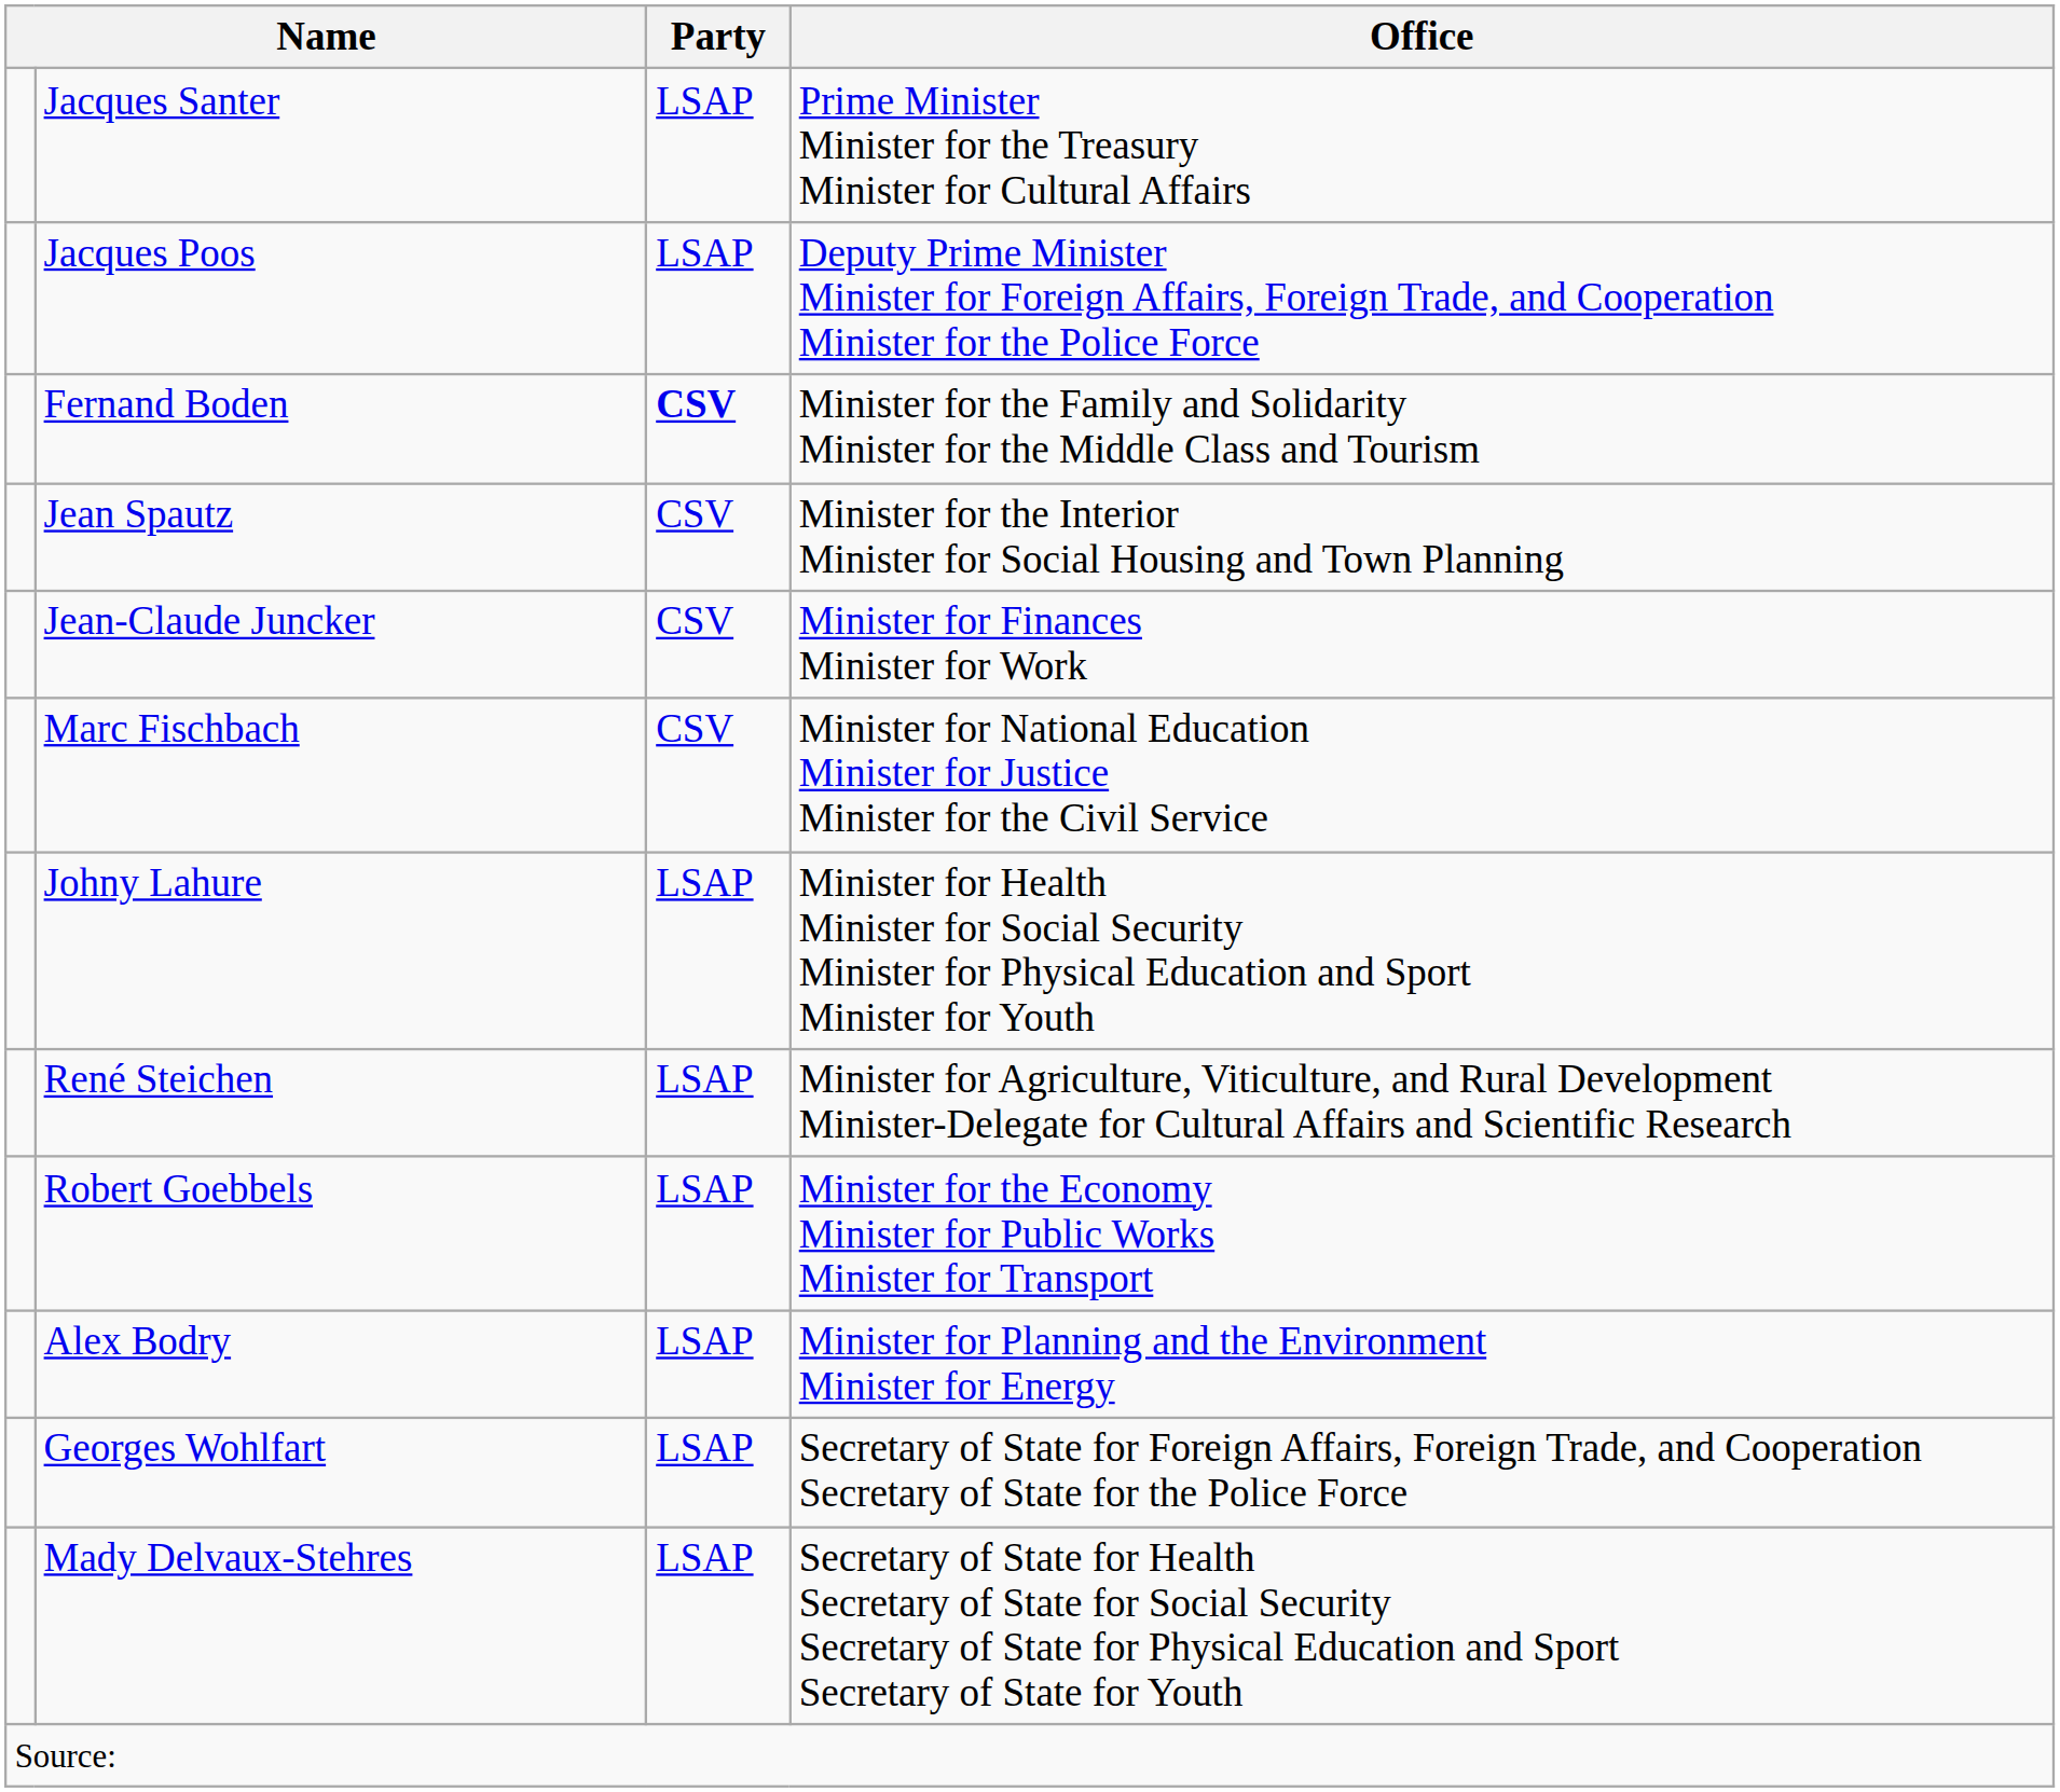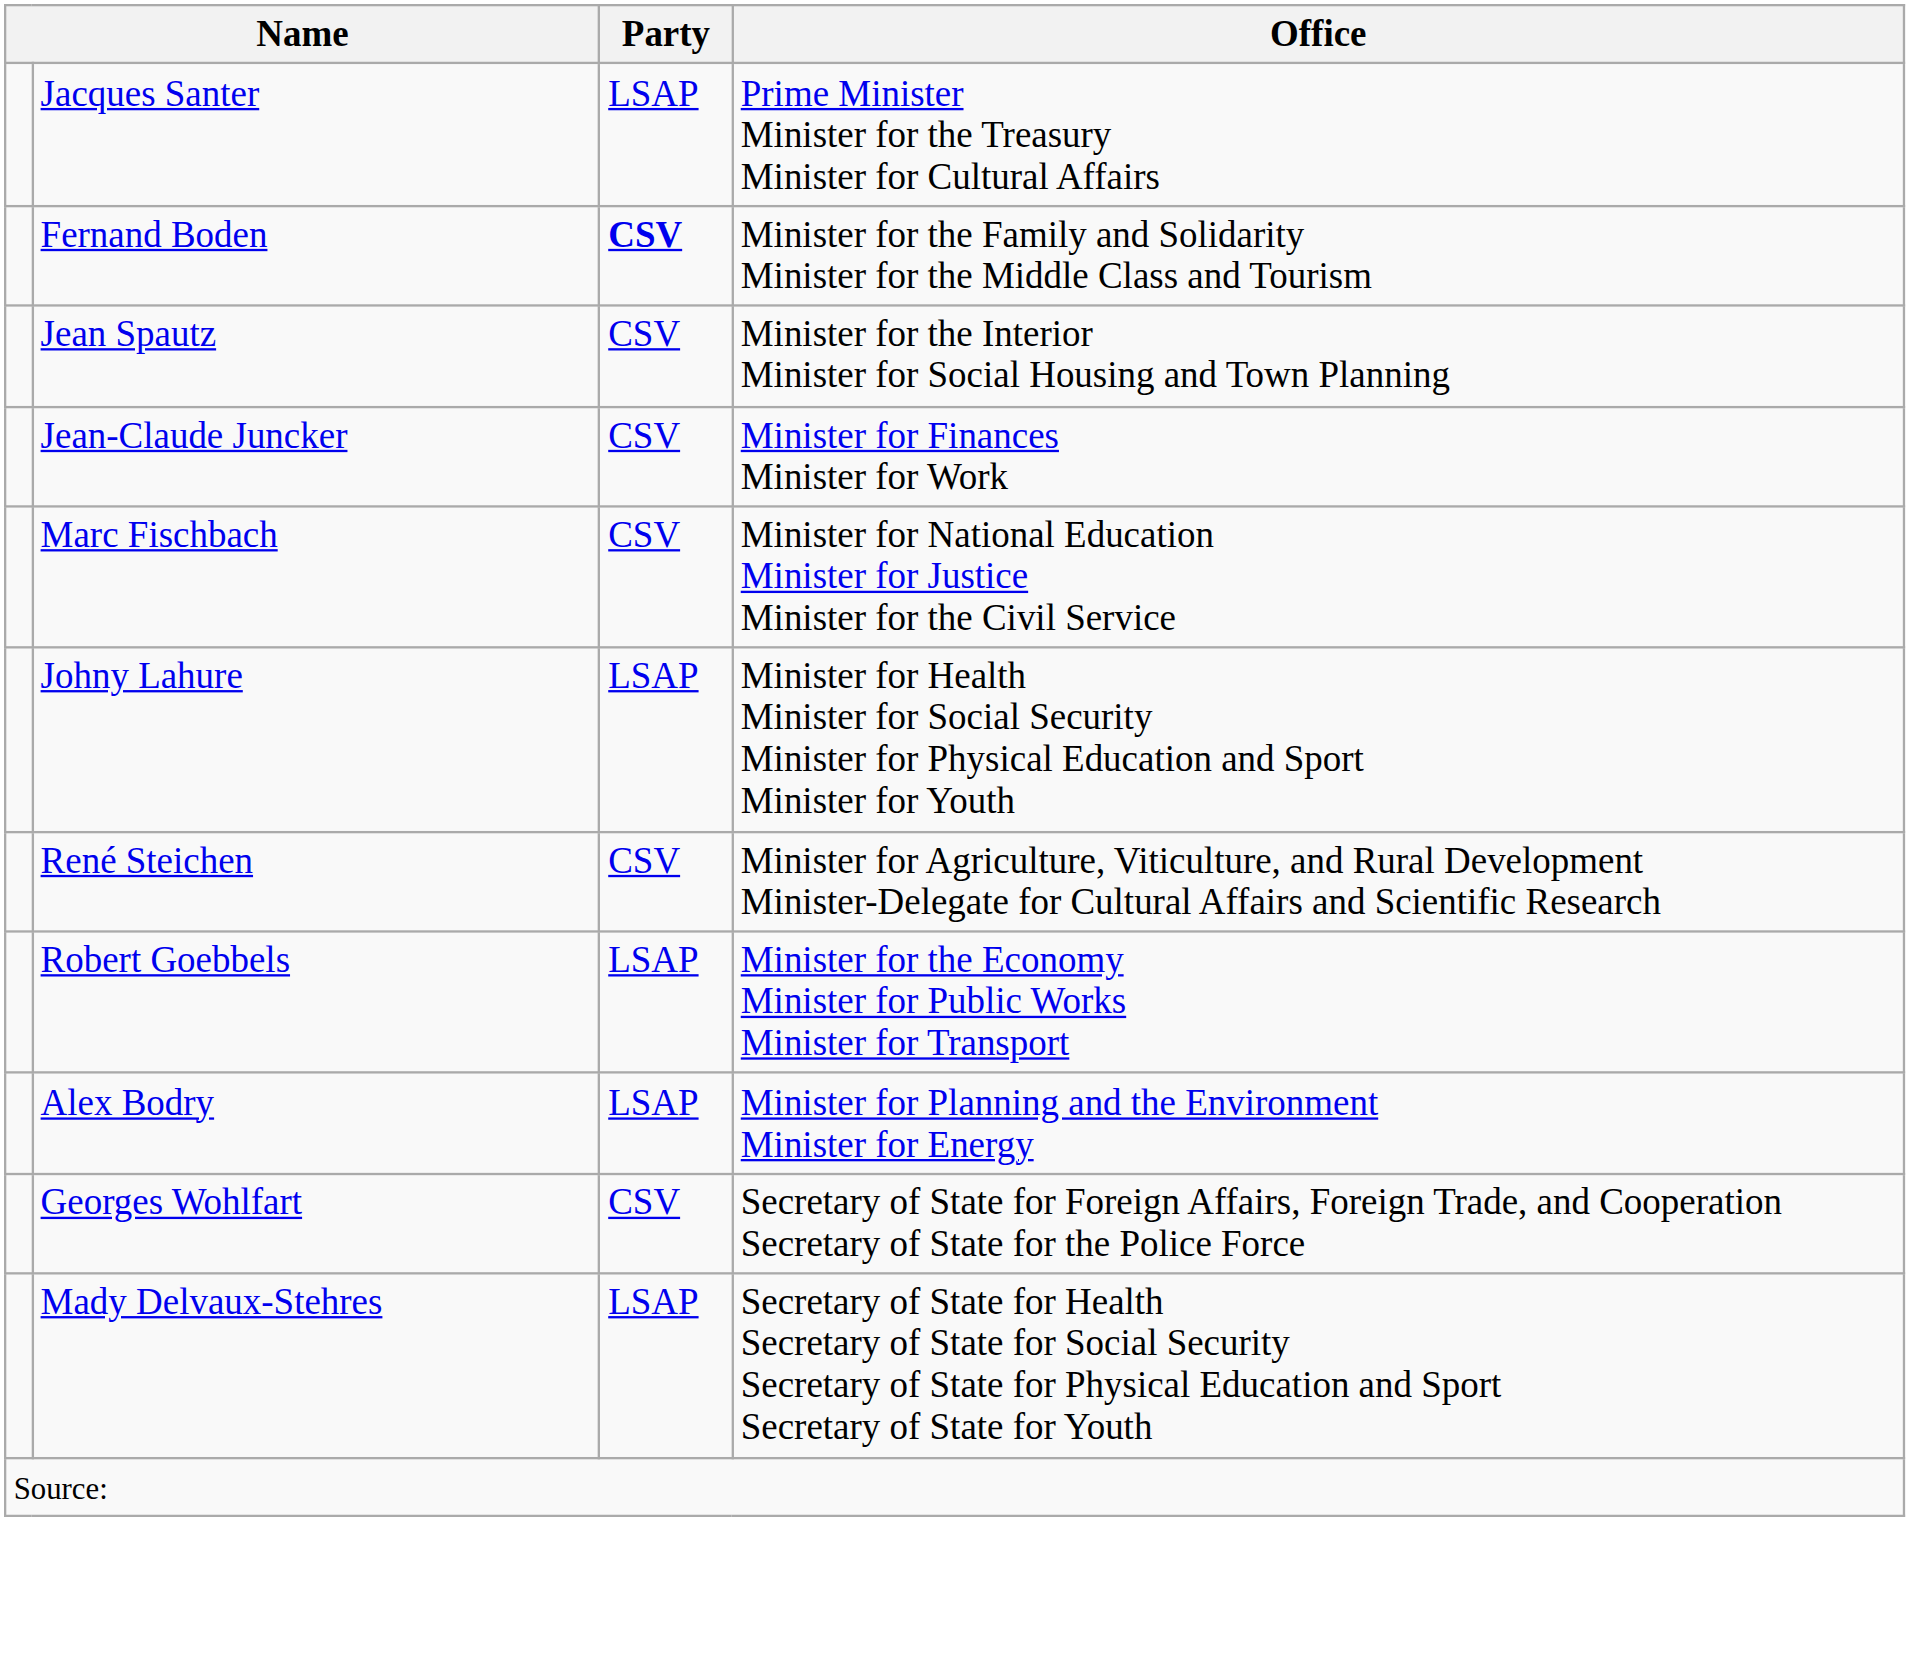 <table class="wikitable">
 <tr>
 <th colspan=2 width=250px>Name</th>
 <th width=50px>Party</th>
 <th width=500px>Office</th>
 </tr>
 <tr>
 <td style="background-color: "></td>
 <td valign=top><a href='#'>Jacques Santer</a></td>
 <td valign=top><a href='#'>LSAP</a></td>
 <td><a href='#'>Prime Minister</a> <br> Minister for the Treasury <br> Minister for Cultural Affairs</td>
-</tr>
-<tr>
-<td style="background-color: "></td>
-<td valign=top><a href='#'>Jacques Poos</a></td>
-<td valign=top><a href='#'>LSAP</a></td>
-<td><a href='#'>Deputy Prime Minister</a> <br> <a href='#'>Minister for Foreign Affairs, Foreign Trade, and Cooperation</a> <br> <a href='#'>Minister for the Police Force</a></td>
 </tr>
 <tr>
 <td style="background-color: "></td>
 <td valign=top><a href='#'>Fernand Boden</a></td>
 <td valign=top><strong><a href='#'>CSV</a></strong></td>
 <td>Minister for the Family and Solidarity <br> Minister for the Middle Class and Tourism</td>
 </tr>
 <tr>
 <td style="background-color: "></td>
 <td valign=top><a href='#'>Jean Spautz</a></td>
 <td valign=top><a href='#'>CSV</a></td>
 <td>Minister for the Interior <br> Minister for Social Housing and Town Planning</td>
 </tr>
 <tr>
 <td style="background-color: "></td>
 <td valign=top><a href='#'>Jean-Claude Juncker</a></td>
 <td valign=top><a href='#'>CSV</a></td>
 <td><a href='#'>Minister for Finances</a> <br> Minister for Work</td>
 </tr>
 <tr>
 <td style="background-color: "></td>
 <td valign=top><a href='#'>Marc Fischbach</a></td>
 <td valign=top><a href='#'>CSV</a></td>
 <td>Minister for National Education <br> <a href='#'>Minister for Justice</a> <br> Minister for the Civil Service</td>
 </tr>
 <tr>
 <td style="background-color: "></td>
 <td valign=top><a href='#'>Johny Lahure</a></td>
 <td valign=top><a href='#'>LSAP</a></td>
 <td>Minister for Health <br> Minister for Social Security <br> Minister for Physical Education and Sport <br> Minister for Youth</td>
 </tr>
 <tr>
 <td style="background-color: "></td>
 <td valign=top><a href='#'>René Steichen</a></td>
-<td valign=top><a href='#'>LSAP</a></td>
+<td valign=top><a href='#'>CSV</a></td>
 <td>Minister for Agriculture, Viticulture, and Rural Development <br> Minister-Delegate for Cultural Affairs and Scientific Research</td>
 </tr>
 <tr>
 <td style="background-color: "></td>
 <td valign=top><a href='#'>Robert Goebbels</a></td>
 <td valign=top><a href='#'>LSAP</a></td>
 <td><a href='#'>Minister for the Economy</a> <br> <a href='#'>Minister for Public Works</a> <br> <a href='#'>Minister for Transport</a></td>
 </tr>
 <tr>
 <td style="background-color: "></td>
 <td valign=top><a href='#'>Alex Bodry</a></td>
 <td valign=top><a href='#'>LSAP</a></td>
 <td><a href='#'>Minister for Planning and the Environment</a> <br> <a href='#'>Minister for Energy</a></td>
 </tr>
 <tr>
 <td style="background-color: "></td>
 <td valign=top><a href='#'>Georges Wohlfart</a></td>
-<td valign=top><a href='#'>LSAP</a></td>
+<td valign=top><a href='#'>CSV</a></td>
 <td>Secretary of State for Foreign Affairs, Foreign Trade, and Cooperation <br> Secretary of State for the Police Force</td>
 </tr>
 <tr>
 <td style="background-color: "></td>
 <td valign=top><a href='#'>Mady Delvaux-Stehres</a></td>
 <td valign=top><a href='#'>LSAP</a></td>
 <td>Secretary of State for Health <br> Secretary of State for Social Security <br> Secretary of State for Physical Education and Sport <br> Secretary of State for Youth</td>
 </tr>
 <tr>
 <td colspan=4><small>Source: </small></td>
 </tr>
 </table>
